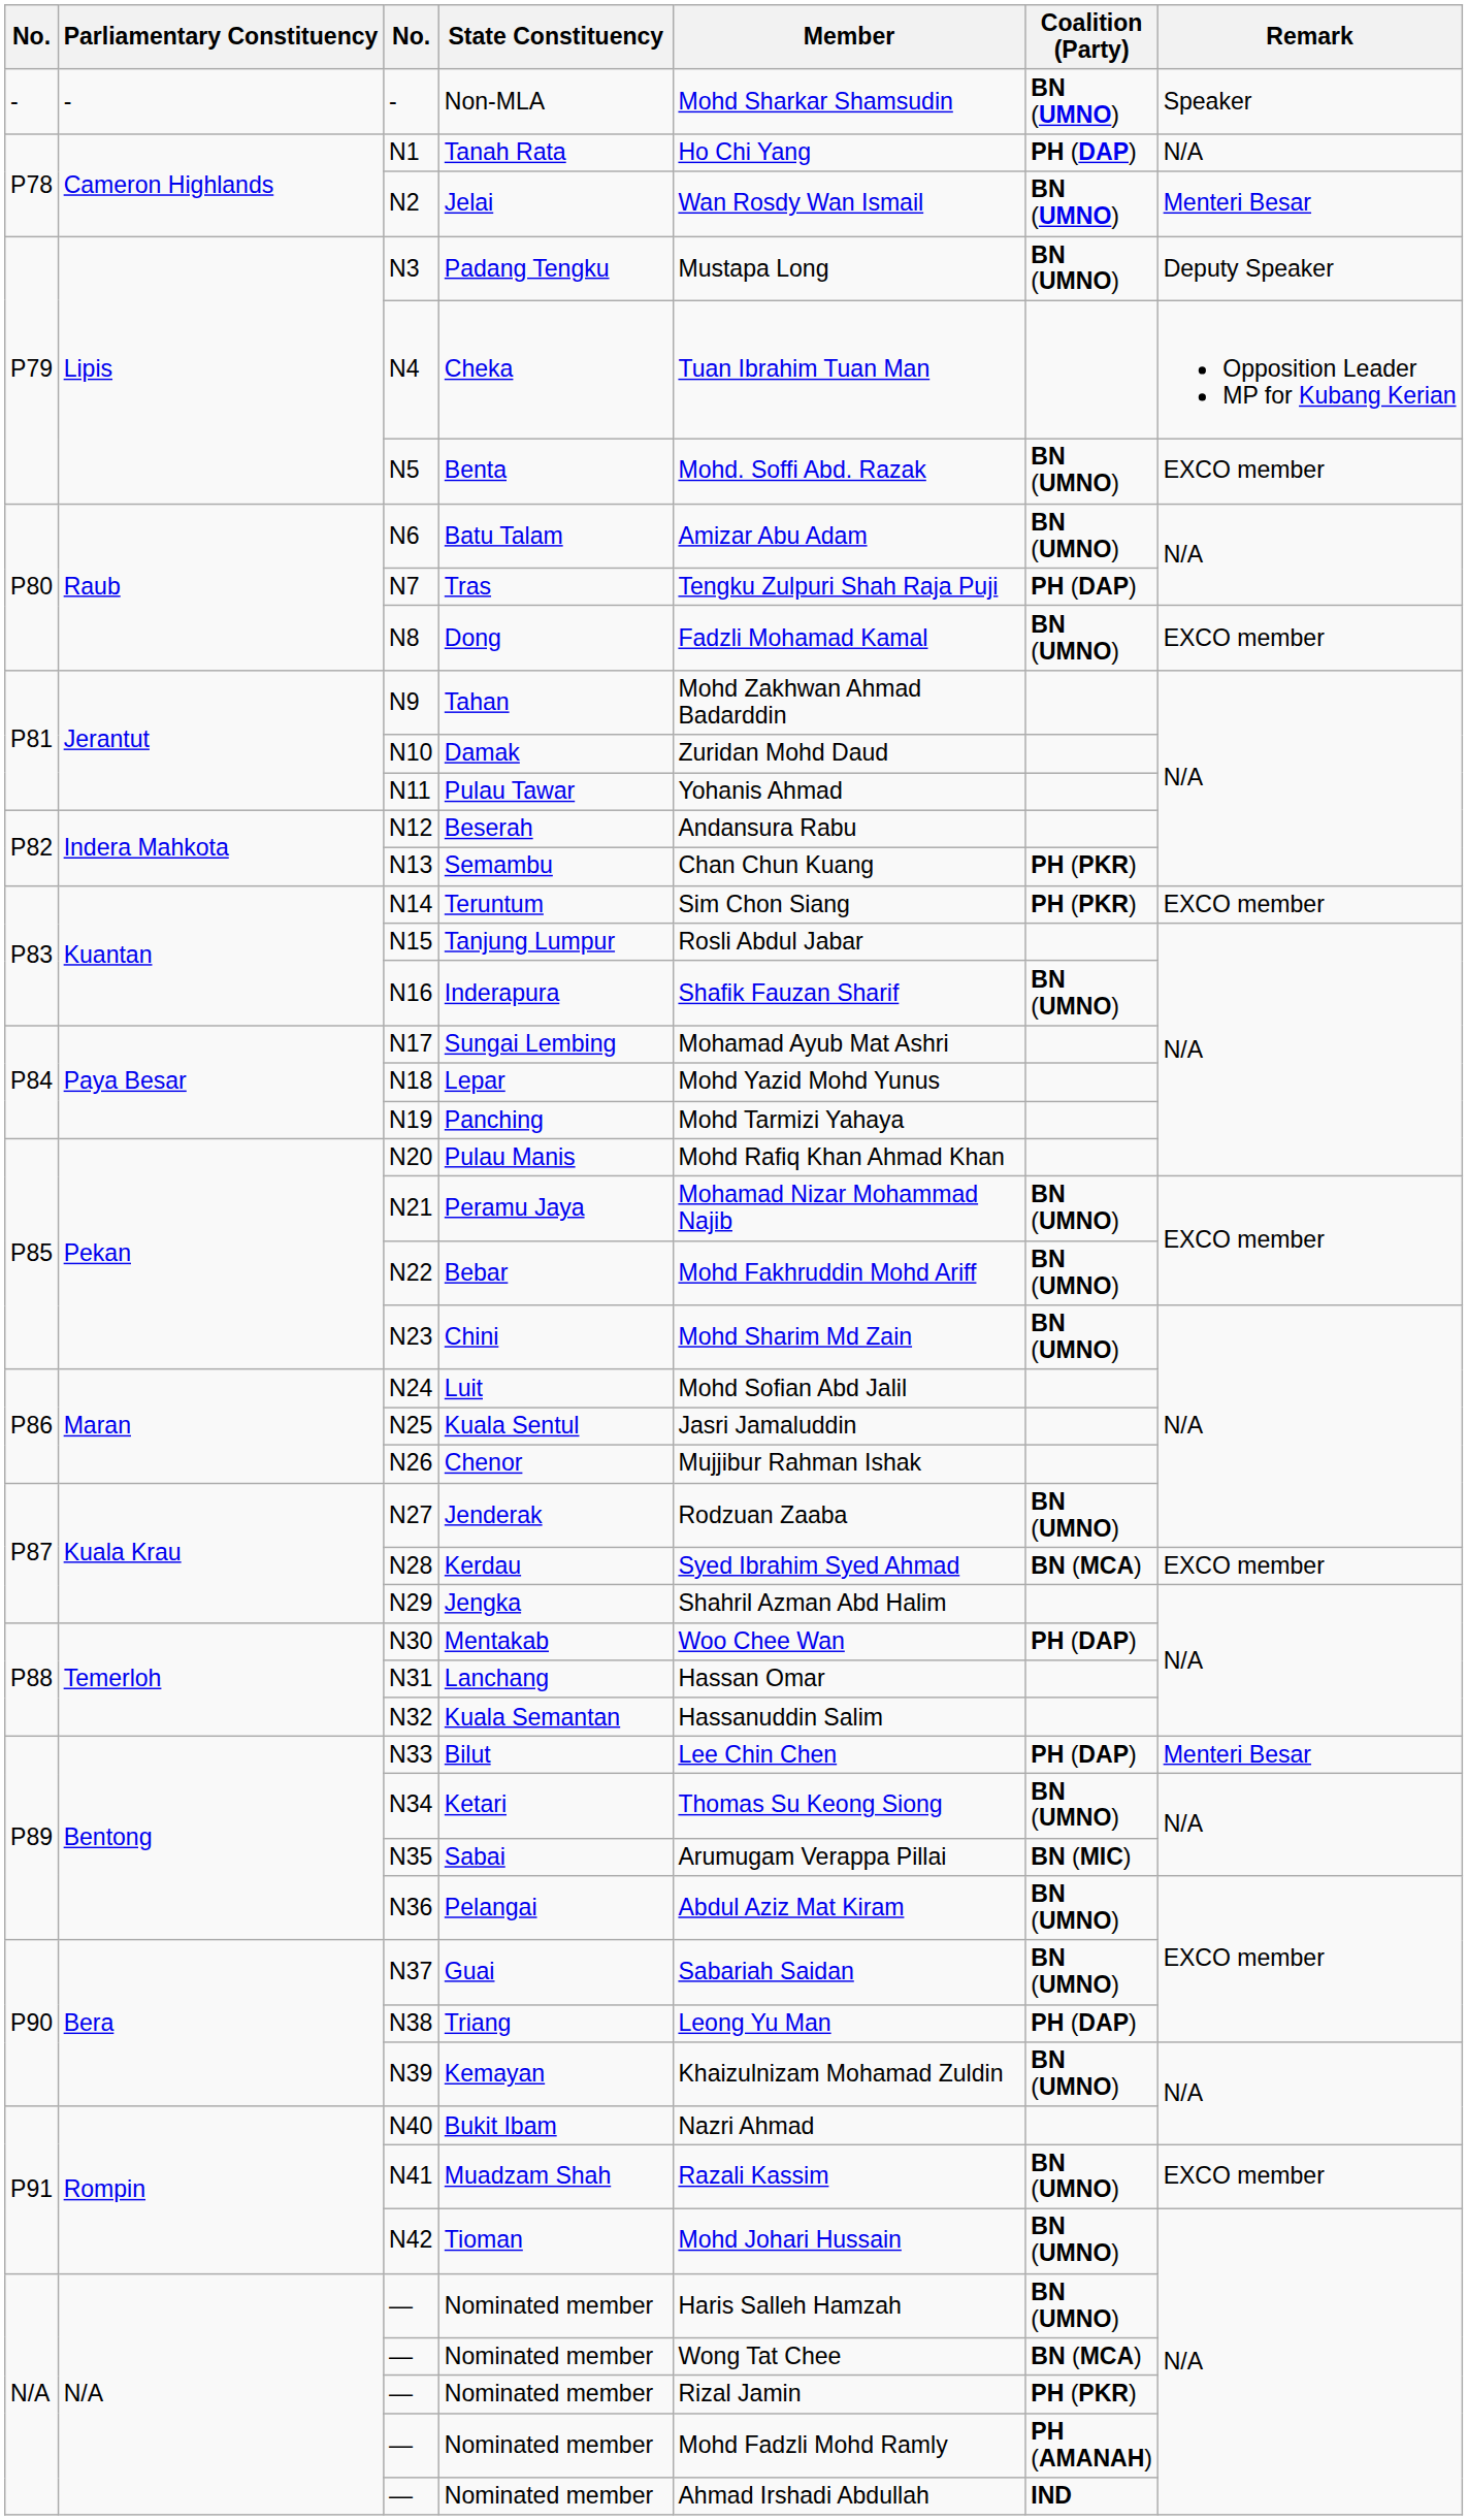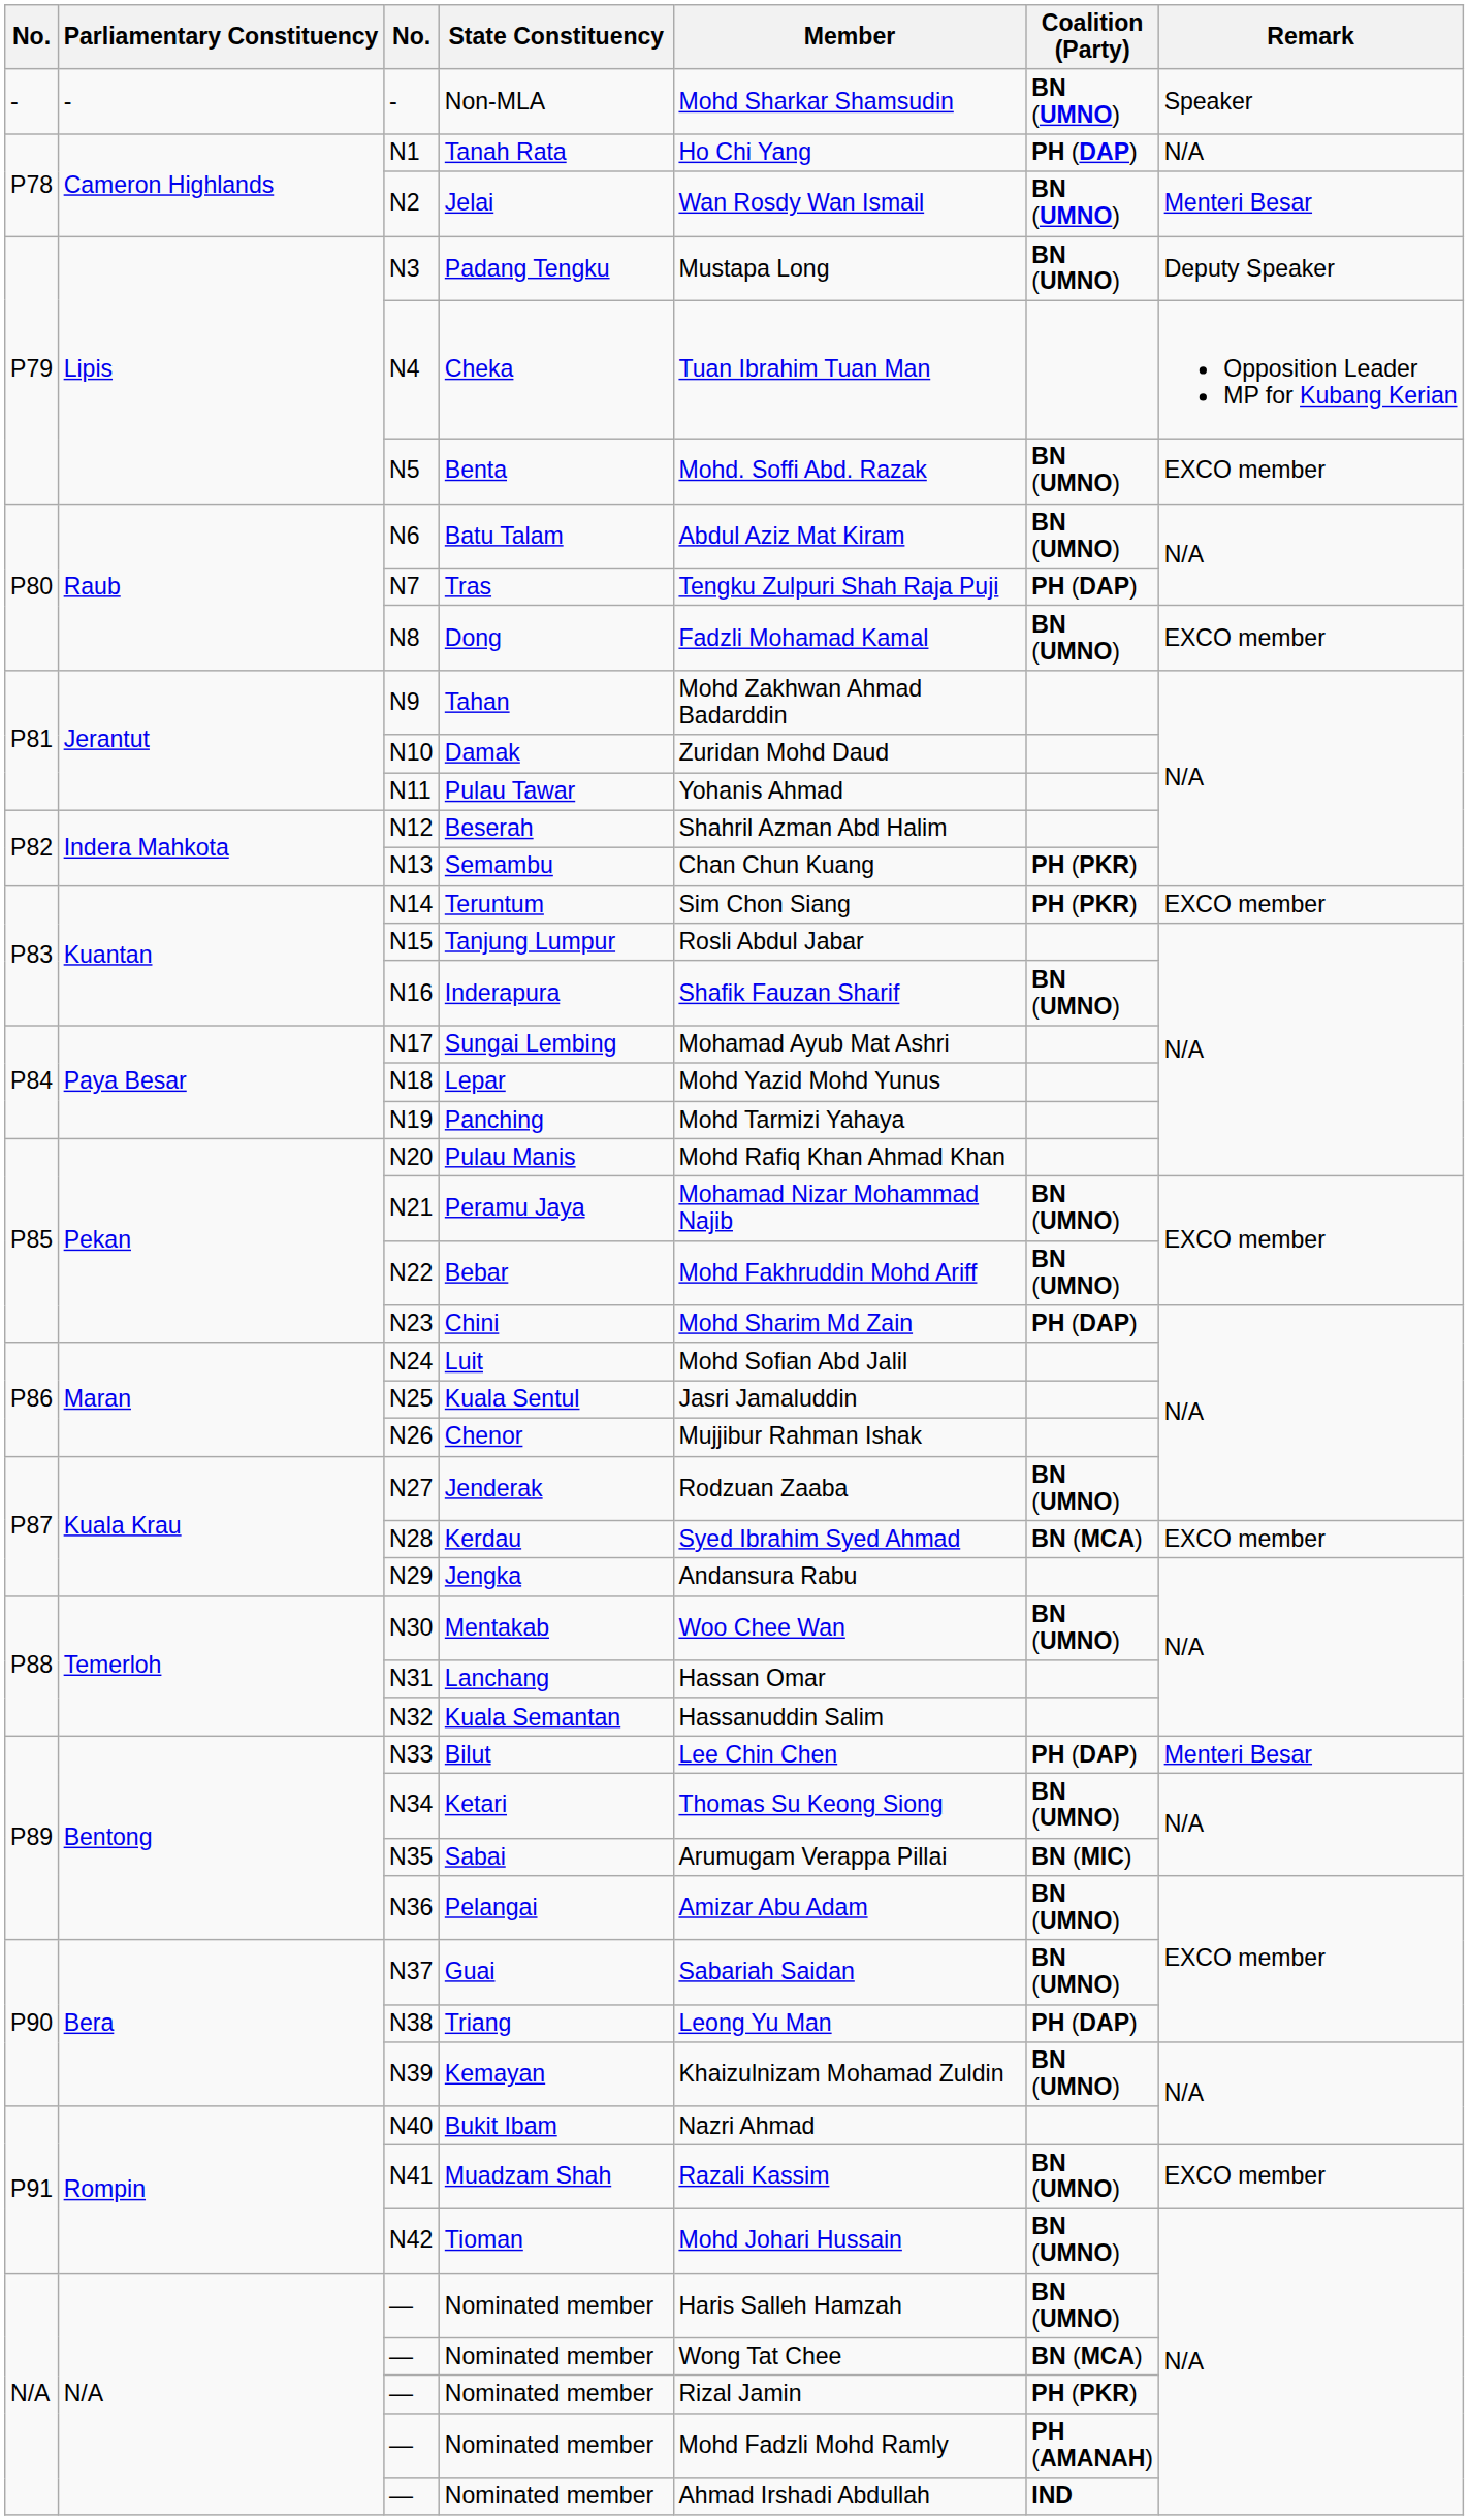 <table class="wikitable">
 <tr>
 <th>No.</th>
 <th>Parliamentary Constituency</th>
 <th width="30">No.</th>
 <th width="150">State Constituency</th>
 <th width="230">Member</th>
 <th width="80">Coalition (Party)</th>
 <th>Remark</th>
 </tr>
 <tr>
 <td>-</td>
 <td>-</td>
 <td>-</td>
 <td>Non-MLA</td>
 <td><a href='#'>Mohd Sharkar Shamsudin</a></td>
 <td><strong>BN</strong> (<strong><a href='#'>UMNO</a></strong>)</td>
 <td>Speaker</td>
 </tr>
 <tr>
 <td rowspan="2">P78</td>
 <td rowspan="2"><a href='#'>Cameron Highlands</a></td>
 <td>N1</td>
 <td><a href='#'>Tanah Rata</a></td>
 <td><a href='#'>Ho Chi Yang</a></td>
 <td><strong>PH</strong> (<strong><a href='#'>DAP</a></strong>)</td>
 <td>N/A</td>
 </tr>
 <tr>
 <td>N2</td>
 <td><a href='#'>Jelai</a></td>
 <td><a href='#'>Wan Rosdy Wan Ismail</a></td>
 <td><strong>BN</strong> (<strong><a href='#'>UMNO</a></strong>)</td>
 <td><a href='#'>Menteri Besar</a></td>
 </tr>
 <tr>
 <td rowspan="3">P79</td>
 <td rowspan="3"><a href='#'>Lipis</a></td>
 <td>N3</td>
 <td><a href='#'>Padang Tengku</a></td>
 <td>Mustapa Long</td>
 <td><strong>BN</strong> (<strong>UMNO</strong>)</td>
 <td>Deputy Speaker</td>
 </tr>
 <tr>
 <td>N4</td>
 <td><a href='#'>Cheka</a></td>
 <td><a href='#'>Tuan Ibrahim Tuan Man</a></td>
 <td></td>
 <td><br><ul><li>Opposition Leader</li><li>MP for <a href='#'>Kubang Kerian</a></li></ul></td>
 </tr>
 <tr>
 <td>N5</td>
 <td><a href='#'>Benta</a></td>
 <td><a href='#'>Mohd. Soffi Abd. Razak</a></td>
 <td><strong>BN</strong> (<strong>UMNO</strong>)</td>
 <td>EXCO member</td>
 </tr>
 <tr>
 <td rowspan="3">P80</td>
 <td rowspan="3"><a href='#'>Raub</a></td>
 <td>N6</td>
 <td><a href='#'>Batu Talam</a></td>
-<td><a href='#'>Amizar Abu Adam</a></td>
+<td><a href='#'>Abdul Aziz Mat Kiram</a></td>
 <td><strong>BN</strong> (<strong>UMNO</strong>)</td>
 <td rowspan="2">N/A</td>
 </tr>
 <tr>
 <td>N7</td>
 <td><a href='#'>Tras</a></td>
 <td><a href='#'>Tengku Zulpuri Shah Raja Puji</a></td>
 <td><strong>PH</strong> (<strong>DAP</strong>)</td>
 </tr>
 <tr>
 <td>N8</td>
 <td><a href='#'>Dong</a></td>
 <td><a href='#'>Fadzli Mohamad Kamal</a></td>
 <td><strong>BN</strong> (<strong>UMNO</strong>)</td>
 <td>EXCO member</td>
 </tr>
 <tr>
 <td rowspan="3">P81</td>
 <td rowspan="3"><a href='#'>Jerantut</a></td>
 <td>N9</td>
 <td><a href='#'>Tahan</a></td>
 <td>Mohd Zakhwan Ahmad Badarddin</td>
 <td></td>
 <td rowspan="5">N/A</td>
 </tr>
 <tr>
 <td>N10</td>
 <td><a href='#'>Damak</a></td>
 <td>Zuridan Mohd Daud</td>
 <td></td>
 </tr>
 <tr>
 <td>N11</td>
 <td><a href='#'>Pulau Tawar</a></td>
 <td>Yohanis Ahmad</td>
 <td></td>
 </tr>
 <tr>
 <td rowspan="2">P82</td>
 <td rowspan="2"><a href='#'>Indera Mahkota</a></td>
 <td>N12</td>
 <td><a href='#'>Beserah</a></td>
-<td>Andansura Rabu</td>
+<td>Shahril Azman Abd Halim</td>
 <td></td>
 </tr>
 <tr>
 <td>N13</td>
 <td><a href='#'>Semambu</a></td>
 <td>Chan Chun Kuang</td>
 <td><strong>PH</strong> (<strong>PKR</strong>)</td>
 </tr>
 <tr>
 <td rowspan="3">P83</td>
 <td rowspan="3"><a href='#'>Kuantan</a></td>
 <td>N14</td>
 <td><a href='#'>Teruntum</a></td>
 <td>Sim Chon Siang</td>
 <td><strong>PH</strong> (<strong>PKR</strong>)</td>
 <td>EXCO member</td>
 </tr>
 <tr>
 <td>N15</td>
 <td><a href='#'>Tanjung Lumpur</a></td>
 <td>Rosli Abdul Jabar</td>
 <td></td>
 <td rowspan="6">N/A</td>
 </tr>
 <tr>
 <td>N16</td>
 <td><a href='#'>Inderapura</a></td>
 <td><a href='#'>Shafik Fauzan Sharif</a></td>
 <td><strong>BN</strong> (<strong>UMNO</strong>)</td>
 </tr>
 <tr>
 <td rowspan="3">P84</td>
 <td rowspan="3"><a href='#'>Paya Besar</a></td>
 <td>N17</td>
 <td><a href='#'>Sungai Lembing</a></td>
 <td>Mohamad Ayub Mat Ashri</td>
 <td></td>
 </tr>
 <tr>
 <td>N18</td>
 <td><a href='#'>Lepar</a></td>
 <td>Mohd Yazid Mohd Yunus</td>
 <td></td>
 </tr>
 <tr>
 <td>N19</td>
 <td><a href='#'>Panching</a></td>
 <td>Mohd Tarmizi Yahaya</td>
 <td></td>
 </tr>
 <tr>
 <td rowspan="4">P85</td>
 <td rowspan="4"><a href='#'>Pekan</a></td>
 <td>N20</td>
 <td><a href='#'>Pulau Manis</a></td>
 <td>Mohd Rafiq Khan Ahmad Khan</td>
 <td></td>
 </tr>
 <tr>
 <td>N21</td>
 <td><a href='#'>Peramu Jaya</a></td>
 <td><a href='#'>Mohamad Nizar Mohammad Najib</a></td>
 <td><strong>BN</strong> (<strong>UMNO</strong>)</td>
 <td rowspan="2">EXCO member</td>
 </tr>
 <tr>
 <td>N22</td>
 <td><a href='#'>Bebar</a></td>
 <td><a href='#'>Mohd Fakhruddin Mohd Ariff</a></td>
 <td><strong>BN</strong> (<strong>UMNO</strong>)</td>
 </tr>
 <tr>
 <td>N23</td>
 <td><a href='#'>Chini</a></td>
 <td><a href='#'>Mohd Sharim Md Zain</a></td>
-<td><strong>BN</strong> (<strong>UMNO</strong>)</td>
+<td><strong>PH</strong> (<strong>DAP</strong>)</td>
 <td rowspan="5">N/A</td>
 </tr>
 <tr>
 <td rowspan="3">P86</td>
 <td rowspan="3"><a href='#'>Maran</a></td>
 <td>N24</td>
 <td><a href='#'>Luit</a></td>
 <td>Mohd Sofian Abd Jalil</td>
 <td></td>
 </tr>
 <tr>
 <td>N25</td>
 <td><a href='#'>Kuala Sentul</a></td>
 <td>Jasri Jamaluddin</td>
 <td></td>
 </tr>
 <tr>
 <td>N26</td>
 <td><a href='#'>Chenor</a></td>
 <td>Mujjibur Rahman Ishak</td>
 <td></td>
 </tr>
 <tr>
 <td rowspan="3">P87</td>
 <td rowspan="3"><a href='#'>Kuala Krau</a></td>
 <td>N27</td>
 <td><a href='#'>Jenderak</a></td>
 <td>Rodzuan Zaaba</td>
 <td><strong>BN</strong> (<strong>UMNO</strong>)</td>
 </tr>
 <tr>
 <td>N28</td>
 <td><a href='#'>Kerdau</a></td>
 <td><a href='#'>Syed Ibrahim Syed Ahmad</a></td>
 <td><strong>BN</strong> (<strong>MCA</strong>)</td>
 <td>EXCO member</td>
 </tr>
 <tr>
 <td>N29</td>
 <td><a href='#'>Jengka</a></td>
-<td>Shahril Azman Abd Halim</td>
+<td>Andansura Rabu</td>
 <td></td>
 <td rowspan="4">N/A</td>
 </tr>
 <tr>
 <td rowspan="3">P88</td>
 <td rowspan="3"><a href='#'>Temerloh</a></td>
 <td>N30</td>
 <td><a href='#'>Mentakab</a></td>
 <td><a href='#'>Woo Chee Wan</a></td>
-<td><strong>PH</strong> (<strong>DAP</strong>)</td>
+<td><strong>BN</strong> (<strong>UMNO</strong>)</td>
 </tr>
 <tr>
 <td>N31</td>
 <td><a href='#'>Lanchang</a></td>
 <td>Hassan Omar</td>
 <td></td>
 </tr>
 <tr>
 <td>N32</td>
 <td><a href='#'>Kuala Semantan</a></td>
 <td>Hassanuddin Salim</td>
 <td></td>
 </tr>
 <tr>
 <td rowspan="4">P89</td>
 <td rowspan="4"><a href='#'>Bentong</a></td>
 <td>N33</td>
 <td><a href='#'>Bilut</a></td>
 <td><a href='#'>Lee Chin Chen</a></td>
 <td><strong>PH</strong> (<strong>DAP</strong>)</td>
 <td><a href='#'>Menteri Besar</a></td>
 </tr>
 <tr>
 <td>N34</td>
 <td><a href='#'>Ketari</a></td>
 <td><a href='#'>Thomas Su Keong Siong</a></td>
 <td><strong>BN</strong> (<strong>UMNO</strong>)</td>
 <td rowspan="2">N/A</td>
 </tr>
 <tr>
 <td>N35</td>
 <td><a href='#'>Sabai</a></td>
 <td>Arumugam Verappa Pillai</td>
 <td><strong>BN</strong> (<strong>MIC</strong>)</td>
 </tr>
 <tr>
 <td>N36</td>
 <td><a href='#'>Pelangai</a></td>
-<td><a href='#'>Abdul Aziz Mat Kiram</a></td>
+<td><a href='#'>Amizar Abu Adam</a></td>
 <td><strong>BN</strong> (<strong>UMNO</strong>)</td>
 <td rowspan="3">EXCO member</td>
 </tr>
 <tr>
 <td rowspan="3">P90</td>
 <td rowspan="3"><a href='#'>Bera</a></td>
 <td>N37</td>
 <td><a href='#'>Guai</a></td>
 <td><a href='#'>Sabariah Saidan</a></td>
 <td><strong>BN</strong> (<strong>UMNO</strong>)</td>
 </tr>
 <tr>
 <td>N38</td>
 <td><a href='#'>Triang</a></td>
 <td><a href='#'>Leong Yu Man</a></td>
 <td><strong>PH</strong> (<strong>DAP</strong>)</td>
 </tr>
 <tr>
 <td>N39</td>
 <td><a href='#'>Kemayan</a></td>
 <td>Khaizulnizam Mohamad Zuldin</td>
 <td><strong>BN</strong> (<strong>UMNO</strong>)</td>
 <td rowspan="2">N/A</td>
 </tr>
 <tr>
 <td rowspan="3">P91</td>
 <td rowspan="3"><a href='#'>Rompin</a></td>
 <td>N40</td>
 <td><a href='#'>Bukit Ibam</a></td>
 <td>Nazri Ahmad</td>
 <td></td>
 </tr>
 <tr>
 <td>N41</td>
 <td><a href='#'>Muadzam Shah</a></td>
 <td><a href='#'>Razali Kassim</a></td>
 <td><strong>BN</strong> (<strong>UMNO</strong>)</td>
 <td>EXCO member</td>
 </tr>
 <tr>
 <td>N42</td>
 <td><a href='#'>Tioman</a></td>
 <td><a href='#'>Mohd Johari Hussain</a></td>
 <td><strong>BN</strong> (<strong>UMNO</strong>)</td>
 <td rowspan=6>N/A</td>
 </tr>
 <tr>
 <td rowspan="5">N/A</td>
 <td rowspan="5">N/A</td>
 <td>—</td>
 <td>Nominated member</td>
 <td>Haris Salleh Hamzah</td>
 <td><strong>BN</strong> (<strong>UMNO</strong>)</td>
 </tr>
 <tr>
 <td>—</td>
 <td>Nominated member</td>
 <td>Wong Tat Chee</td>
 <td><strong>BN</strong> (<strong>MCA</strong>)</td>
 </tr>
 <tr>
 <td>—</td>
 <td>Nominated member</td>
 <td>Rizal Jamin</td>
 <td><strong>PH</strong> (<strong>PKR</strong>)</td>
 </tr>
 <tr>
 <td>—</td>
 <td>Nominated member</td>
 <td>Mohd Fadzli Mohd Ramly</td>
 <td><strong>PH</strong> (<strong>AMANAH</strong>)</td>
 </tr>
 <tr>
 <td>—</td>
 <td>Nominated member</td>
 <td>Ahmad Irshadi Abdullah</td>
 <td><strong>IND</strong></td>
 </tr>
 </table>
